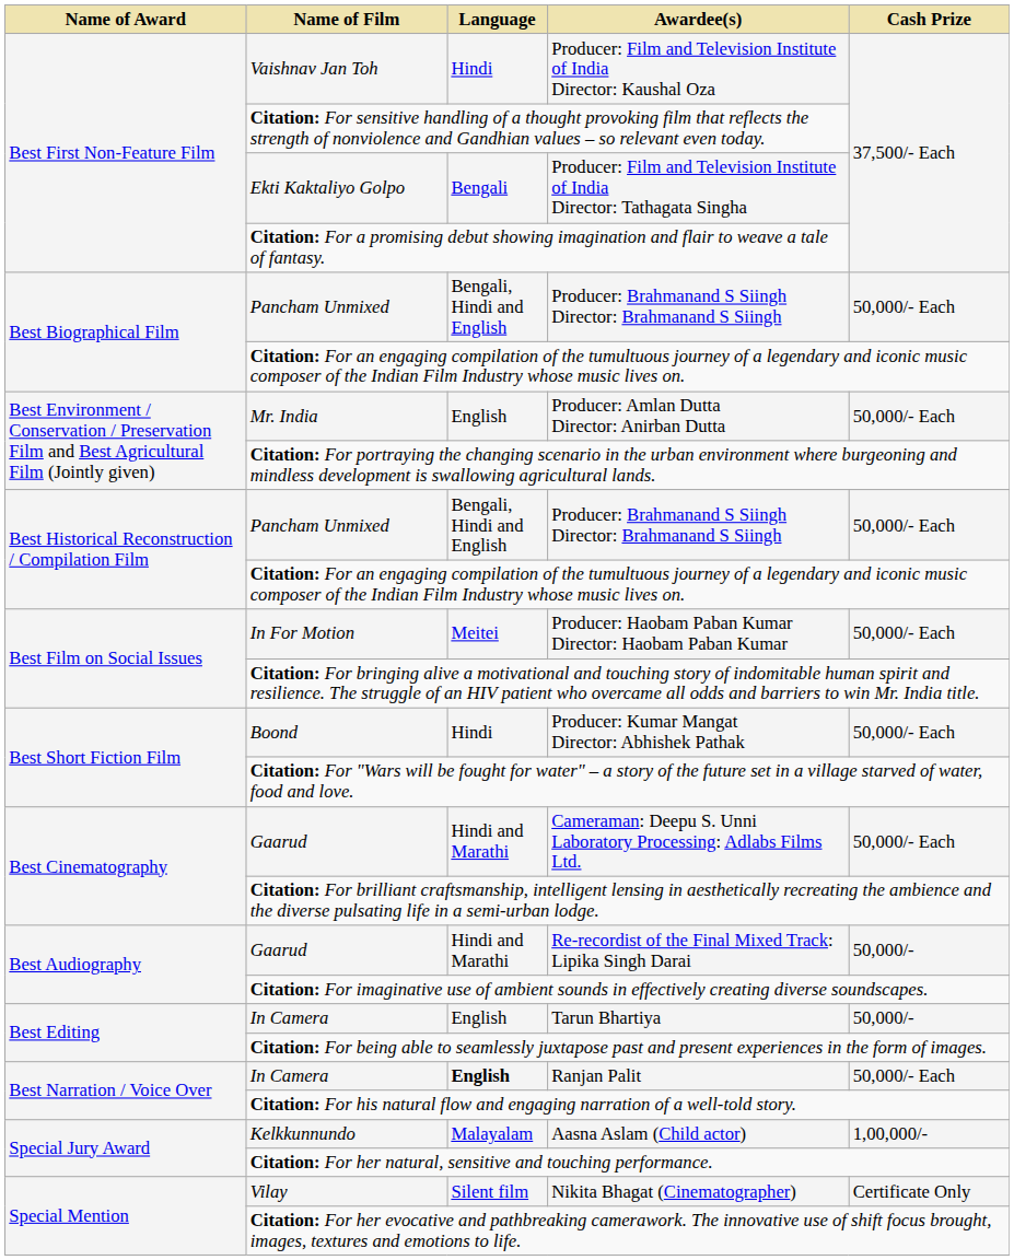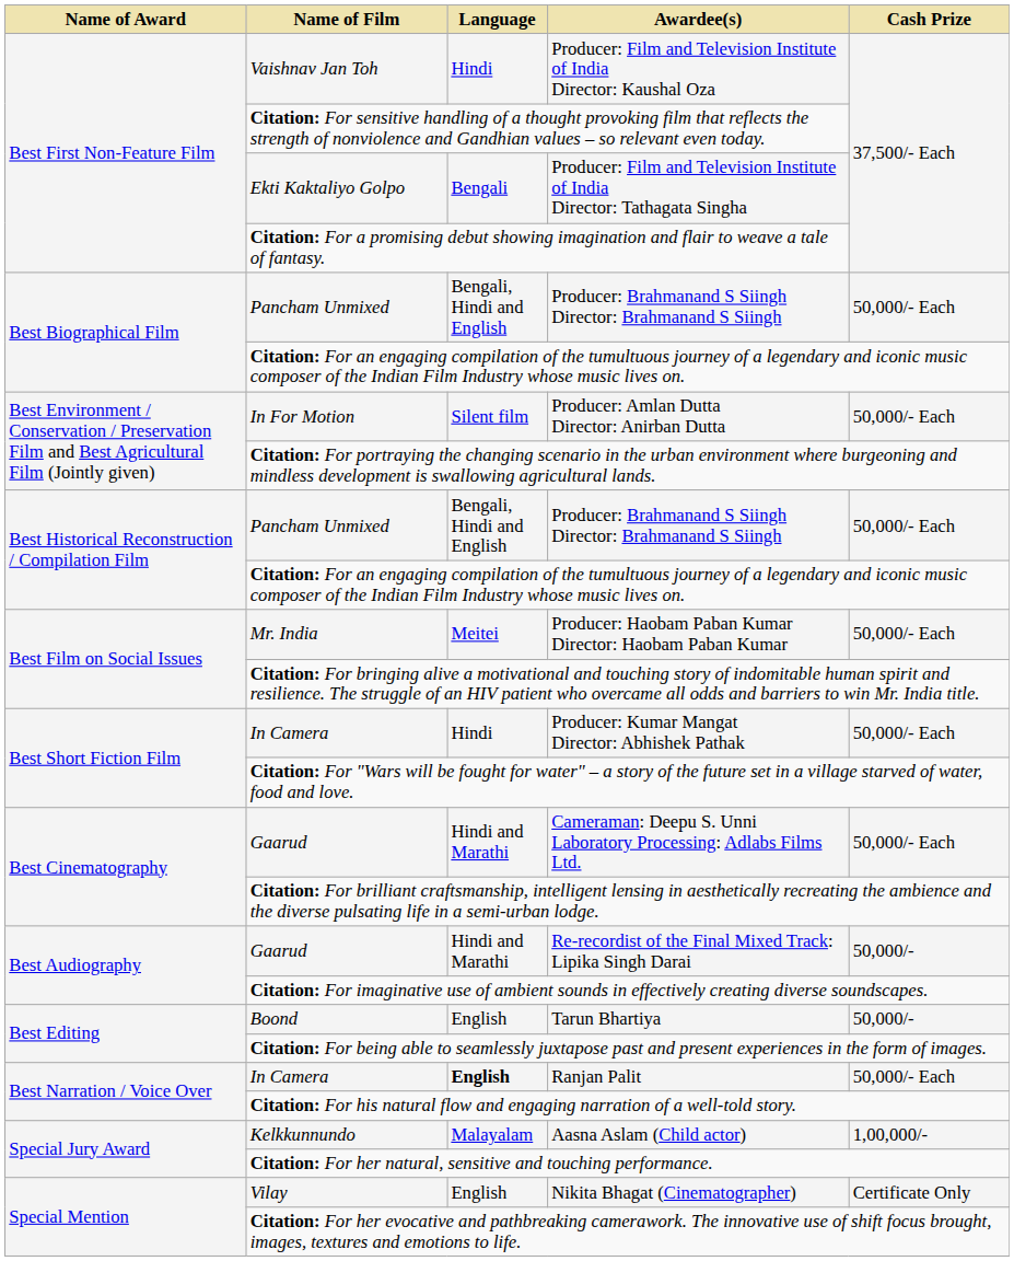 <table class="wikitable" style="width:100%;">
 <tr>
 <th style="background-color:#EFE4B0;width:24%;">Name of Award</th>
 <th style="background-color:#EFE4B0;width:20%;">Name of Film</th>
 <th style="background-color:#EFE4B0;width:10%;">Language</th>
 <th style="background-color:#EFE4B0;width:30%;">Awardee(s)</th>
 <th style="background-color:#EFE4B0;width:16%;">Cash Prize</th>
 </tr>
 <tr style="background-color:#F4F4F4">
 <td rowspan="4"><a href='#'>Best First Non-Feature Film</a></td>
 <td><em>Vaishnav Jan Toh</em></td>
 <td><a href='#'>Hindi</a></td>
 <td>Producer: <a href='#'>Film and Television Institute of India</a><br>Director: Kaushal Oza</td>
 <td rowspan="4"> 37,500/- Each</td>
 </tr>
 <tr style="background-color:#F9F9F9">
 <td colspan="3"><strong>Citation:</strong> <em>For sensitive handling of a thought provoking film that reflects the strength of nonviolence and Gandhian values – so relevant even today.</em></td>
 </tr>
 <tr style="background-color:#F4F4F4">
 <td><em>Ekti Kaktaliyo Golpo</em></td>
 <td><a href='#'>Bengali</a></td>
 <td>Producer: <a href='#'>Film and Television Institute of India</a><br>Director: Tathagata Singha</td>
 </tr>
 <tr style="background-color:#F9F9F9">
 <td colspan="3"><strong>Citation:</strong> <em>For a promising debut showing imagination and flair to weave a tale of fantasy.</em></td>
 </tr>
 <tr style="background-color:#F4F4F4">
 <td rowspan="2"><a href='#'>Best Biographical Film</a></td>
 <td><em>Pancham Unmixed</em></td>
 <td>Bengali, Hindi and <a href='#'>English</a></td>
 <td>Producer: <a href='#'>Brahmanand S Siingh</a><br>Director: <a href='#'>Brahmanand S Siingh</a></td>
 <td> 50,000/- Each</td>
 </tr>
 <tr style="background-color:#F9F9F9">
 <td colspan="4"><strong>Citation:</strong> <em>For an engaging compilation of the tumultuous journey of a legendary and iconic music composer of the Indian Film Industry whose music lives on.</em></td>
 </tr>
 <tr style="background-color:#F4F4F4">
 <td rowspan="2"><a href='#'>Best Environment / Conservation / Preservation Film</a> and <a href='#'>Best Agricultural Film</a> (Jointly given)</td>
-<td><em>Mr. India</em></td>
-<td>English</td>
+<td><em>In For Motion</em></td>
+<td><a href='#'>Silent film</a></td>
 <td>Producer: Amlan Dutta<br>Director: Anirban Dutta</td>
 <td> 50,000/- Each</td>
 </tr>
 <tr style="background-color:#F9F9F9">
 <td colspan="4"><strong>Citation:</strong> <em>For portraying the changing scenario in the urban environment where burgeoning and mindless development is swallowing agricultural lands.</em></td>
 </tr>
 <tr style="background-color:#F4F4F4">
 <td rowspan="2"><a href='#'>Best Historical Reconstruction / Compilation Film</a></td>
 <td><em>Pancham Unmixed</em></td>
 <td>Bengali, Hindi and English</td>
 <td>Producer: <a href='#'>Brahmanand S Siingh</a><br>Director: <a href='#'>Brahmanand S Siingh</a></td>
 <td> 50,000/- Each</td>
 </tr>
 <tr style="background-color:#F9F9F9">
 <td colspan="4"><strong>Citation:</strong> <em>For an engaging compilation of the tumultuous journey of a legendary and iconic music composer of the Indian Film Industry whose music lives on.</em></td>
 </tr>
 <tr style="background-color:#F4F4F4">
 <td rowspan="2"><a href='#'>Best Film on Social Issues</a></td>
-<td><em>In For Motion</em></td>
+<td><em>Mr. India</em></td>
 <td><a href='#'>Meitei</a></td>
 <td>Producer: Haobam Paban Kumar<br>Director: Haobam Paban Kumar</td>
 <td> 50,000/- Each</td>
 </tr>
 <tr style="background-color:#F9F9F9">
 <td colspan="4"><strong>Citation:</strong> <em>For bringing alive a motivational and touching story of indomitable human spirit and resilience. The struggle of an HIV patient who overcame all odds and barriers to win Mr. India title.</em></td>
 </tr>
 <tr style="background-color:#F4F4F4">
 <td rowspan="2"><a href='#'>Best Short Fiction Film</a></td>
-<td><em>Boond</em></td>
+<td><em>In Camera</em></td>
 <td>Hindi</td>
 <td>Producer: Kumar Mangat<br>Director: Abhishek Pathak</td>
 <td> 50,000/- Each</td>
 </tr>
 <tr style="background-color:#F9F9F9">
 <td colspan="4"><strong>Citation:</strong> <em>For "Wars will be fought for water" – a story of the future set in a village starved of water, food and love.</em></td>
 </tr>
 <tr style="background-color:#F4F4F4">
 <td rowspan="2"><a href='#'>Best Cinematography</a></td>
 <td><em>Gaarud</em></td>
 <td>Hindi and <a href='#'>Marathi</a></td>
 <td><a href='#'>Cameraman</a>: Deepu S. Unni<br><a href='#'>Laboratory Processing</a>: <a href='#'>Adlabs Films Ltd.</a></td>
 <td> 50,000/- Each</td>
 </tr>
 <tr style="background-color:#F9F9F9">
 <td colspan="4"><strong>Citation:</strong> <em>For brilliant craftsmanship, intelligent lensing in aesthetically recreating the ambience and the diverse pulsating life in a semi-urban lodge.</em></td>
 </tr>
 <tr style="background-color:#F4F4F4">
 <td rowspan="2"><a href='#'>Best Audiography</a></td>
 <td><em>Gaarud</em></td>
 <td>Hindi and Marathi</td>
 <td><a href='#'>Re-recordist of the Final Mixed Track</a>: Lipika Singh Darai</td>
 <td> 50,000/-</td>
 </tr>
 <tr style="background-color:#F9F9F9">
 <td colspan="4"><strong>Citation:</strong> <em>For imaginative use of ambient sounds in effectively creating diverse soundscapes.</em></td>
 </tr>
 <tr style="background-color:#F4F4F4">
 <td rowspan="2"><a href='#'>Best Editing</a></td>
-<td><em>In Camera</em></td>
+<td><em>Boond</em></td>
 <td>English</td>
 <td>Tarun Bhartiya</td>
 <td> 50,000/-</td>
 </tr>
 <tr style="background-color:#F9F9F9">
 <td colspan="4"><strong>Citation:</strong> <em>For being able to seamlessly juxtapose past and present experiences in the form of images.</em></td>
 </tr>
 <tr style="background-color:#F4F4F4">
 <td rowspan="2"><a href='#'>Best Narration / Voice Over</a></td>
 <td><em>In Camera</em></td>
 <td><strong>English</strong></td>
 <td>Ranjan Palit</td>
 <td> 50,000/- Each</td>
 </tr>
 <tr style="background-color:#F9F9F9">
 <td colspan="4"><strong>Citation:</strong> <em>For his natural flow and engaging narration of a well-told story.</em></td>
 </tr>
 <tr style="background-color:#F4F4F4">
 <td rowspan="2"><a href='#'>Special Jury Award</a></td>
 <td><em>Kelkkunnundo</em></td>
 <td><a href='#'>Malayalam</a></td>
 <td>Aasna Aslam (<a href='#'>Child actor</a>)</td>
 <td> 1,00,000/-</td>
 </tr>
 <tr style="background-color:#F9F9F9">
 <td colspan="4"><strong>Citation:</strong> <em>For her natural, sensitive and touching performance.</em></td>
 </tr>
 <tr style="background-color:#F4F4F4">
 <td rowspan="2"><a href='#'>Special Mention</a></td>
 <td><em>Vilay</em></td>
-<td><a href='#'>Silent film</a></td>
+<td>English</td>
 <td>Nikita Bhagat (<a href='#'>Cinematographer</a>)</td>
 <td>Certificate Only</td>
 </tr>
 <tr style="background-color:#F9F9F9">
 <td colspan="4"><strong>Citation:</strong> <em>For her evocative and pathbreaking camerawork. The innovative use of shift focus brought, images, textures and emotions to life.</em></td>
 </tr>
 </table>
